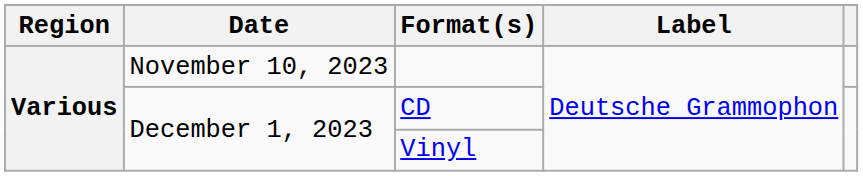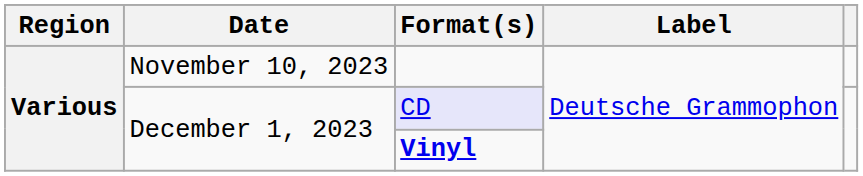 <table class="wikitable plainrowheaders">
 <tr>
 <th scope="col">Region</th>
 <th scope="col">Date</th>
 <th scope="col">Format(s)</th>
 <th scope="col">Label</th>
 <th scope="col"></th>
 </tr>
 <tr>
 <th rowspan="3" scope="row">Various</th>
 <td>November 10, 2023</td>
 <td></td>
 <td rowspan="3"><a href='#'>Deutsche Grammophon</a></td>
 <td align="center"><br></td>
 </tr>
 <tr>
 <td rowspan="2">December 1, 2023</td>
-<td><a href='#'>CD</a></td>
+<td style="background: lavender;"><a href='#'>CD</a></td>
 <td rowspan="2" align="center"></td>
 </tr>
 <tr>
-<td><a href='#'>Vinyl</a></td>
+<td><strong><a href='#'>Vinyl</a></strong></td>
 </tr>
 </table>
